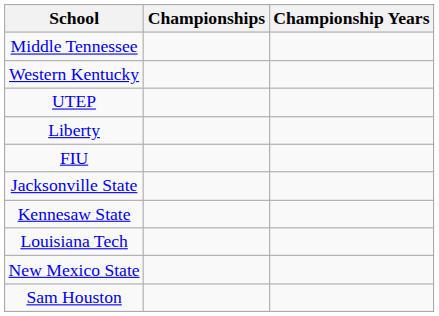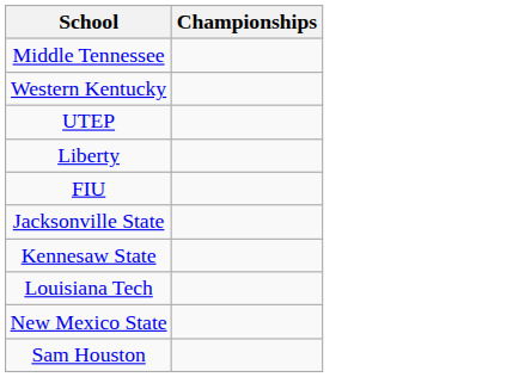 <table class="wikitable sortable" style="text-align:center">
 <tr>
 <th width=px>School</th>
 <th width=px>Championships</th>
-<th width=px>Championship Years</th>
 </tr>
 <tr>
 <td><a href='#'>Middle Tennessee</a></td>
-<td></td>
 <td></td>
 </tr>
 <tr>
 <td><a href='#'>Western Kentucky</a></td>
 <td></td>
-<td></td>
 </tr>
 <tr>
 <td><a href='#'>UTEP</a></td>
-<td></td>
 <td></td>
 </tr>
 <tr>
 <td><a href='#'>Liberty</a></td>
 <td></td>
-<td></td>
 </tr>
 <tr>
 <td><a href='#'>FIU</a></td>
-<td></td>
 <td></td>
 </tr>
 <tr>
 <td><a href='#'>Jacksonville State</a></td>
 <td></td>
-<td></td>
 </tr>
 <tr>
 <td><a href='#'>Kennesaw State</a></td>
-<td></td>
 <td></td>
 </tr>
 <tr>
 <td><a href='#'>Louisiana Tech</a></td>
 <td></td>
-<td></td>
 </tr>
 <tr>
 <td><a href='#'>New Mexico State</a></td>
-<td></td>
 <td></td>
 </tr>
 <tr>
 <td><a href='#'>Sam Houston</a></td>
 <td></td>
-<td></td>
 </tr>
 </table>
